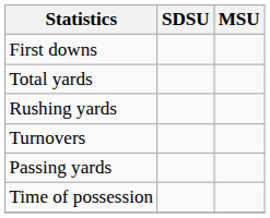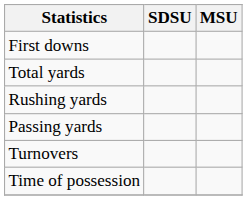 <table class="wikitable">
 <tr>
 <th>Statistics</th>
 <th>SDSU</th>
 <th>MSU</th>
 </tr>
 <tr>
 <td>First downs</td>
 <td></td>
 <td></td>
 </tr>
 <tr>
 <td>Total yards</td>
 <td></td>
 <td></td>
 </tr>
 <tr>
 <td>Rushing yards</td>
 <td></td>
 <td></td>
 </tr>
 <tr>
-<td>Turnovers</td>
+<td>Passing yards</td>
 <td></td>
 <td></td>
 </tr>
 <tr>
-<td>Passing yards</td>
+<td>Turnovers</td>
 <td></td>
 <td></td>
 </tr>
 <tr>
 <td>Time of possession</td>
 <td></td>
 <td></td>
 </tr>
 <tr>
 </tr>
 </table>
